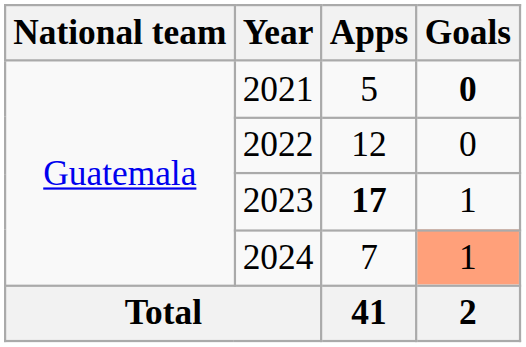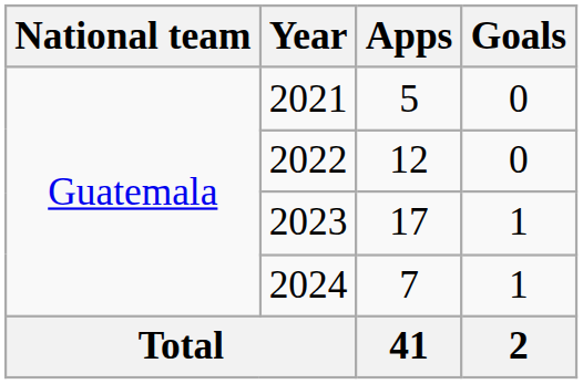 <table class="wikitable" style="text-align: center;">
 <tr>
 <th>National team</th>
 <th>Year</th>
 <th>Apps</th>
 <th>Goals</th>
 </tr>
 <tr>
 <td rowspan="4"><a href='#'>Guatemala</a></td>
 <td>2021</td>
 <td>5</td>
-<td><strong>0</strong></td>
+<td>0</td>
 </tr>
 <tr>
 <td>2022</td>
 <td>12</td>
 <td>0</td>
 </tr>
 <tr>
 <td>2023</td>
-<td><strong>17</strong></td>
+<td>17</td>
 <td>1</td>
 </tr>
 <tr>
 <td>2024</td>
 <td>7</td>
-<td style="background: lightsalmon;">1</td>
+<td>1</td>
 </tr>
 <tr>
 <th colspan="2">Total</th>
 <th>41</th>
 <th>2</th>
 </tr>
 </table>
